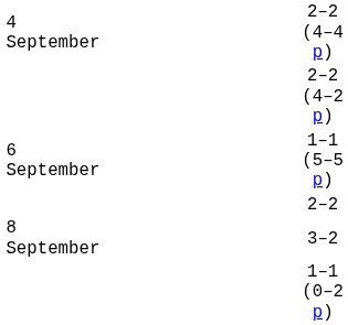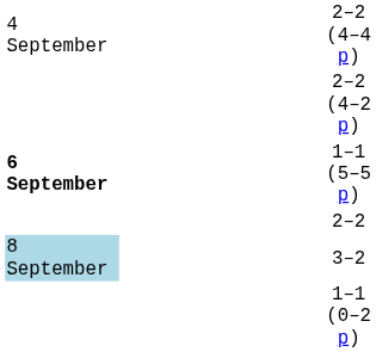 <table cellspacing="1" width="85%">
 <tr>
 <th width="15%"></th>
 <th width="25%"></th>
 <th width="10%"></th>
 <th width="25%"></th>
 <th width="25%"></th>
 </tr>
 <tr>
 <td>4 September</td>
 <td align="right"></td>
 <td align="center">2–2 (4–4 <a href='#'>p</a>)</td>
 <td></td>
 </tr>
 <tr>
 <td></td>
 <td align="right"></td>
 <td align="center">2–2 (4–2 <a href='#'>p</a>)</td>
 <td></td>
 </tr>
 <tr>
-<td>6 September</td>
+<td><strong>6 September</strong></td>
 <td align="right"></td>
 <td align="center">1–1 (5–5 <a href='#'>p</a>)</td>
 <td></td>
 </tr>
 <tr>
 <td></td>
 <td align="right"></td>
 <td align="center">2–2 </td>
 <td></td>
 </tr>
 <tr>
-<td>8 September</td>
+<td style="background: lightblue;">8 September</td>
 <td align="right"></td>
 <td align="center">3–2</td>
 <td></td>
 </tr>
 <tr>
 <td></td>
 <td align="right"></td>
 <td align="center">1–1 (0–2 <a href='#'>p</a>)</td>
 <td></td>
 </tr>
 </table>
